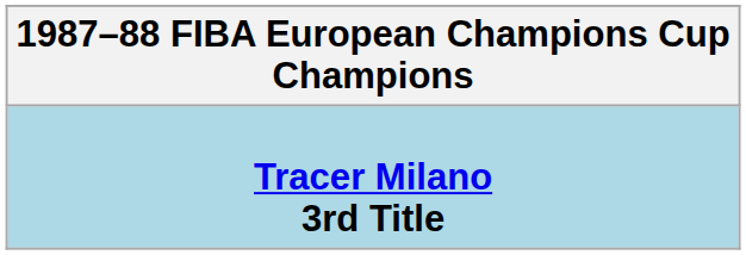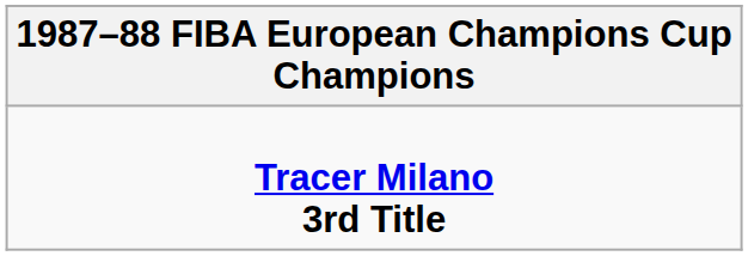 <table class=wikitable style="text-align:center; margin:auto">
 <tr>
 <th>1987–88 FIBA European Champions Cup<br>Champions</th>
 </tr>
 <tr>
-<td style="background: lightblue;"> <br> <strong><a href='#'>Tracer Milano</a></strong> <br> <strong>3rd Title</strong></td>
+<td> <br> <strong><a href='#'>Tracer Milano</a></strong> <br> <strong>3rd Title</strong></td>
 </tr>
 </table>
